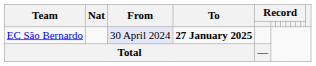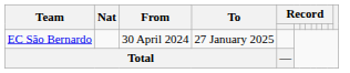 <table class="wikitable" style="text-align: center">
 <tr>
 <th rowspan="2">Team</th>
 <th rowspan="2">Nat</th>
 <th rowspan="2">From</th>
 <th rowspan="2">To</th>
 <th colspan="8">Record</th>
 <th rowspan=2></th>
 </tr>
 <tr>
 <th></th>
 <th></th>
 <th></th>
 <th></th>
 <th></th>
 <th></th>
 <th></th>
 <th></th>
 </tr>
 <tr>
 <td align=left><a href='#'>EC São Bernardo</a></td>
 <td></td>
-<td align=left style="background: lavender;">30 April 2024</td>
-<td align=left><strong>27 January 2025<br></strong></td>
+<td align=left>30 April 2024</td>
+<td align=left>27 January 2025<br></td>
 <td></td>
 </tr>
 <tr>
 <th colspan="4">Total<br></th>
 <th>—</th>
 </tr>
 </table>
